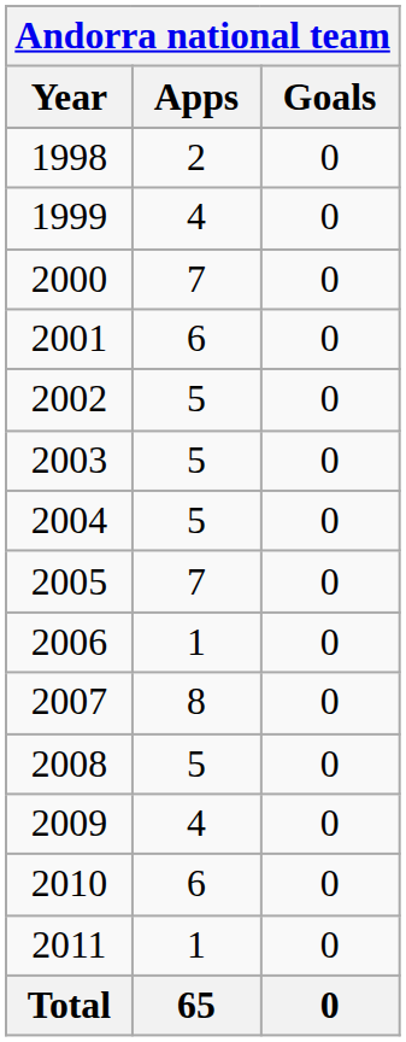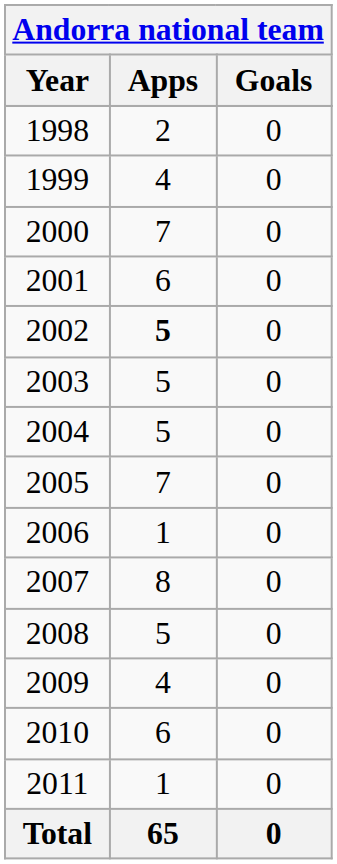 <table class="wikitable" style="text-align:center">
 <tr>
 <th colspan=3><a href='#'>Andorra national team</a></th>
 </tr>
 <tr>
 <th>Year</th>
 <th>Apps</th>
 <th>Goals</th>
 </tr>
 <tr>
 </tr>
 <tr>
 <td>1998</td>
 <td>2</td>
 <td>0</td>
 </tr>
 <tr>
 <td>1999</td>
 <td>4</td>
 <td>0</td>
 </tr>
 <tr>
 <td>2000</td>
 <td>7</td>
 <td>0</td>
 </tr>
 <tr>
 <td>2001</td>
 <td>6</td>
 <td>0</td>
 </tr>
 <tr>
 <td>2002</td>
-<td>5</td>
+<td><strong>5</strong></td>
 <td>0</td>
 </tr>
 <tr>
 <td>2003</td>
 <td>5</td>
 <td>0</td>
 </tr>
 <tr>
 <td>2004</td>
 <td>5</td>
 <td>0</td>
 </tr>
 <tr>
 <td>2005</td>
 <td>7</td>
 <td>0</td>
 </tr>
 <tr>
 <td>2006</td>
 <td>1</td>
 <td>0</td>
 </tr>
 <tr>
 <td>2007</td>
 <td>8</td>
 <td>0</td>
 </tr>
 <tr>
 <td>2008</td>
 <td>5</td>
 <td>0</td>
 </tr>
 <tr>
 <td>2009</td>
 <td>4</td>
 <td>0</td>
 </tr>
 <tr>
 <td>2010</td>
 <td>6</td>
 <td>0</td>
 </tr>
 <tr>
 <td>2011</td>
 <td>1</td>
 <td>0</td>
 </tr>
 <tr>
 <th>Total</th>
 <th>65</th>
 <th>0</th>
 </tr>
 </table>
